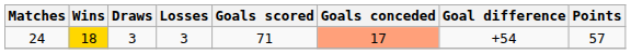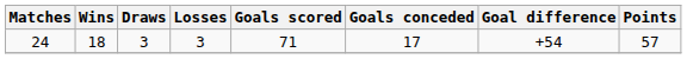 <table class="wikitable" | style="text-align:center;">
 <tr>
 <th>Matches</th>
 <th>Wins</th>
 <th>Draws</th>
 <th>Losses</th>
 <th>Goals scored</th>
 <th>Goals conceded</th>
 <th>Goal difference</th>
 <th>Points</th>
 </tr>
 <tr>
 <td>24</td>
-<td style="background: gold;">18</td>
+<td>18</td>
 <td>3</td>
 <td>3</td>
 <td>71</td>
-<td style="background: lightsalmon;">17</td>
+<td>17</td>
 <td>+54</td>
 <td>57</td>
 </tr>
 <tr>
 </tr>
 </table>
